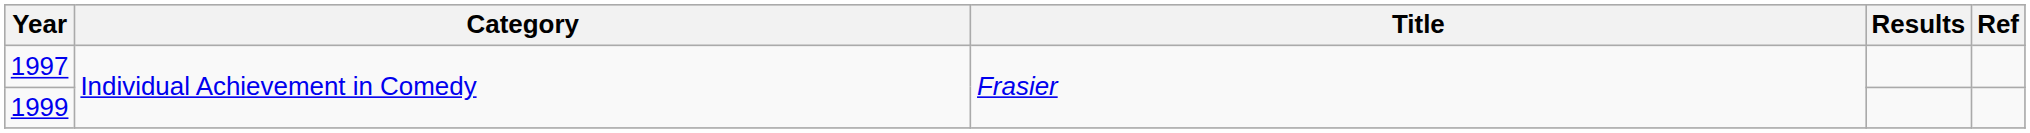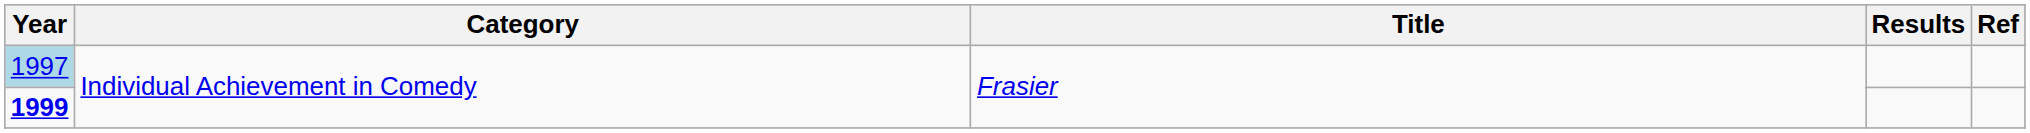 <table class="wikitable">
 <tr>
 <th scope="col" style="width:1em;">Year</th>
 <th scope="col" style="width:35em;">Category</th>
 <th scope="col" style="width:35em;">Title</th>
 <th scope="col" style="width:1em;">Results</th>
 <th scope="col" style="width:1em;">Ref</th>
 </tr>
 <tr>
-<td><a href='#'>1997</a></td>
+<td style="background: lightblue;"><a href='#'>1997</a></td>
 <td rowspan="2"><a href='#'>Individual Achievement in Comedy</a></td>
 <td rowspan="2"><em><a href='#'>Frasier</a></em></td>
 <td></td>
 <td></td>
 </tr>
 <tr>
-<td><a href='#'>1999</a></td>
+<td><strong><a href='#'>1999</a></strong></td>
 <td></td>
 <td></td>
 </tr>
 </table>
